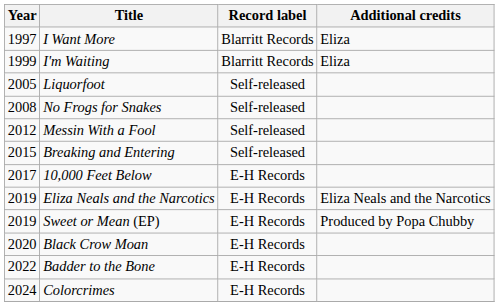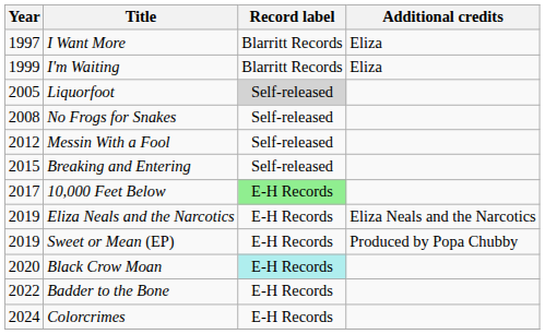 <table class="wikitable sortable">
 <tr>
 <th>Year</th>
 <th>Title</th>
 <th>Record label</th>
 <th>Additional credits</th>
 </tr>
 <tr>
 <td>1997</td>
 <td><em>I Want More</em></td>
 <td style="text-align:center;">Blarritt Records</td>
 <td>Eliza</td>
 </tr>
 <tr>
 <td>1999</td>
 <td><em>I'm Waiting</em></td>
 <td style="text-align:center;">Blarritt Records</td>
 <td>Eliza</td>
 </tr>
 <tr>
 <td>2005</td>
 <td><em>Liquorfoot</em></td>
-<td style="text-align:center;">Self-released</td>
+<td style="background: lightgrey; text-align:center;">Self-released</td>
 <td></td>
 </tr>
 <tr>
 <td>2008</td>
 <td><em>No Frogs for Snakes</em></td>
 <td style="text-align:center;">Self-released</td>
 <td></td>
 </tr>
 <tr>
 <td>2012</td>
 <td><em>Messin With a Fool</em></td>
 <td style="text-align:center;">Self-released</td>
 <td></td>
 </tr>
 <tr>
 <td>2015</td>
 <td><em>Breaking and Entering</em></td>
 <td style="text-align:center;">Self-released</td>
 <td></td>
 </tr>
 <tr>
 <td>2017</td>
 <td><em>10,000 Feet Below</em></td>
-<td style="text-align:center;">E-H Records</td>
+<td style="background: lightgreen; text-align:center;">E-H Records</td>
 <td></td>
 </tr>
 <tr>
 <td>2019</td>
 <td><em>Eliza Neals and the Narcotics</em></td>
 <td style="text-align:center;">E-H Records</td>
 <td>Eliza Neals and the Narcotics</td>
 </tr>
 <tr>
 <td>2019</td>
 <td><em>Sweet or Mean</em> (EP)</td>
 <td style="text-align:center;">E-H Records</td>
 <td>Produced by Popa Chubby</td>
 </tr>
 <tr>
 <td>2020</td>
 <td><em>Black Crow Moan</em></td>
-<td style="text-align:center;">E-H Records</td>
+<td style="background: paleturquoise; text-align:center;">E-H Records</td>
 <td></td>
 </tr>
 <tr>
 <td>2022</td>
 <td><em>Badder to the Bone</em></td>
 <td style="text-align:center;">E-H Records</td>
 <td></td>
 </tr>
 <tr>
 <td>2024</td>
 <td><em>Colorcrimes</em></td>
 <td style="text-align:center;">E-H Records</td>
 <td></td>
 </tr>
 <tr>
 </tr>
 </table>
